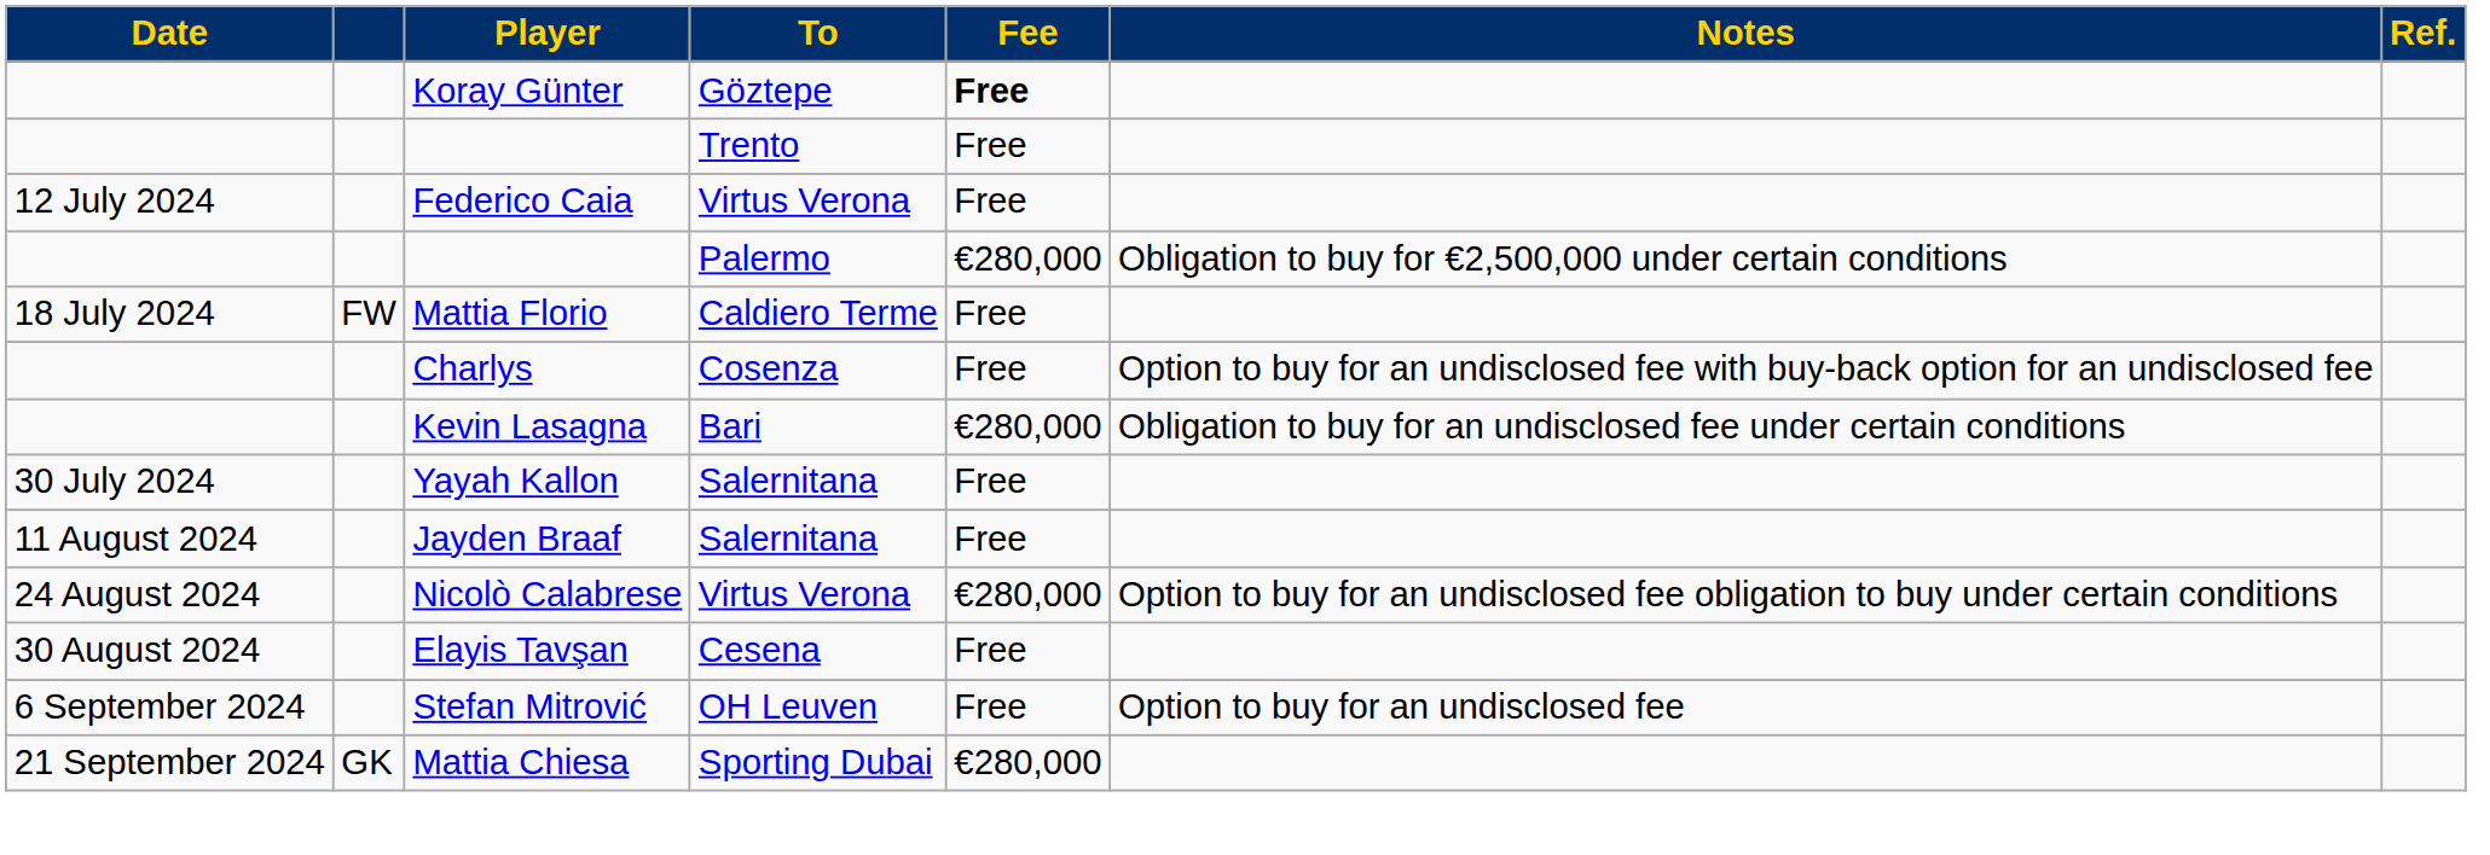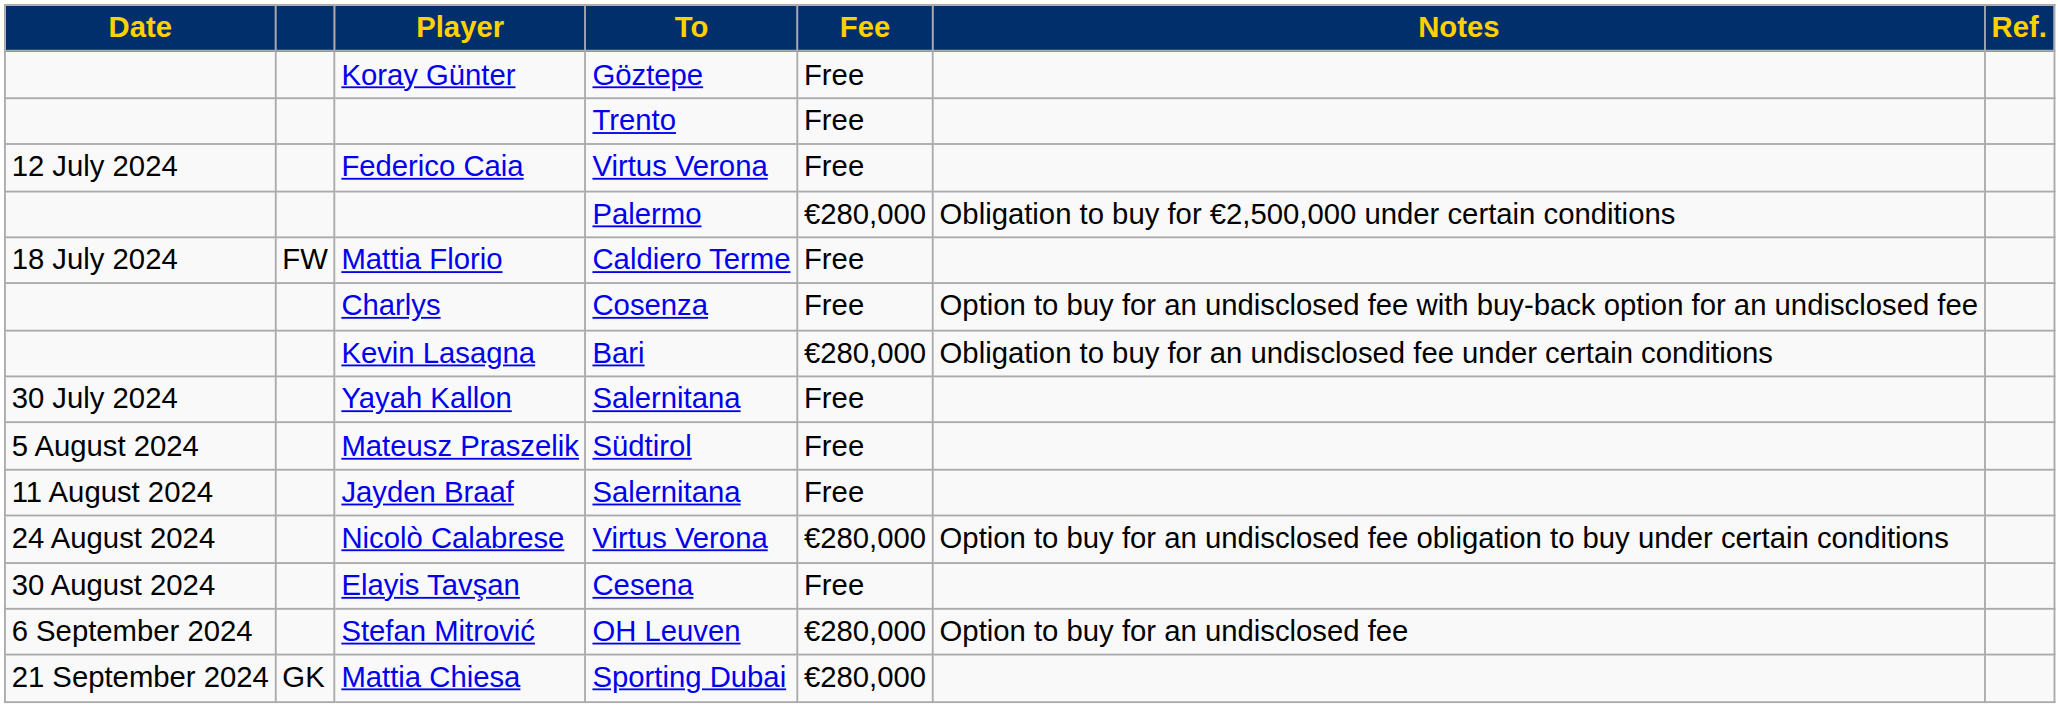 <table class="wikitable plainrowheaders">
 <tr>
 <th style="background:#002F6C;color:#FFD100">Date</th>
 <th style="background:#002F6C;color:#FFD100"></th>
 <th style="background:#002F6C;color:#FFD100">Player</th>
 <th style="background:#002F6C;color:#FFD100">To</th>
 <th style="background:#002F6C;color:#FFD100">Fee</th>
 <th style="background:#002F6C;color:#FFD100">Notes</th>
 <th style="background:#002F6C;color:#FFD100">Ref.</th>
 </tr>
 <tr>
 <td></td>
 <td align="center"></td>
 <td> <a href='#'>Koray Günter</a></td>
 <td> <a href='#'>Göztepe</a></td>
-<td><strong>Free</strong></td>
+<td>Free</td>
 <td></td>
 <td></td>
 </tr>
 <tr>
 <td></td>
 <td></td>
 <td> </td>
 <td> <a href='#'>Trento</a></td>
 <td>Free</td>
 <td></td>
 <td></td>
 </tr>
 <tr>
 <td>12 July 2024</td>
 <td></td>
 <td> <a href='#'>Federico Caia</a></td>
 <td> <a href='#'>Virtus Verona</a></td>
 <td>Free</td>
 <td></td>
 <td></td>
 </tr>
 <tr>
 <td></td>
 <td></td>
 <td></td>
 <td> <a href='#'>Palermo</a></td>
 <td>€280,000</td>
 <td>Obligation to buy for €2,500,000 under certain conditions</td>
 <td></td>
 </tr>
 <tr>
 <td>18 July 2024</td>
 <td>FW</td>
 <td> <a href='#'>Mattia Florio</a></td>
 <td> <a href='#'>Caldiero Terme</a></td>
 <td>Free</td>
 <td></td>
 <td></td>
 </tr>
 <tr>
 <td></td>
 <td></td>
 <td> <a href='#'>Charlys</a></td>
 <td> <a href='#'>Cosenza</a></td>
 <td>Free</td>
 <td>Option to buy for an undisclosed fee with buy-back option for an undisclosed fee</td>
 <td></td>
 </tr>
 <tr>
 <td></td>
 <td></td>
 <td> <a href='#'>Kevin Lasagna</a></td>
 <td> <a href='#'>Bari</a></td>
 <td>€280,000</td>
 <td>Obligation to buy for an undisclosed fee under certain conditions</td>
 <td></td>
 </tr>
 <tr>
 <td>30 July 2024</td>
 <td></td>
 <td> <a href='#'>Yayah Kallon</a></td>
 <td> <a href='#'>Salernitana</a></td>
 <td>Free</td>
 <td></td>
 <td></td>
 </tr>
 <tr>
+<td>5 August 2024</td>
+<td></td>
+<td> <a href='#'>Mateusz Praszelik</a></td>
+<td> <a href='#'>Südtirol</a></td>
+<td>Free</td>
+<td></td>
+<td></td>
+</tr>
+<tr>
 <td>11 August 2024</td>
 <td></td>
 <td> <a href='#'>Jayden Braaf</a></td>
 <td> <a href='#'>Salernitana</a></td>
 <td>Free</td>
 <td></td>
 <td></td>
 </tr>
 <tr>
 <td>24 August 2024</td>
 <td></td>
 <td> <a href='#'>Nicolò Calabrese</a></td>
 <td> <a href='#'>Virtus Verona</a></td>
 <td>€280,000</td>
 <td>Option to buy for an undisclosed fee obligation to buy under certain conditions</td>
 <td></td>
 </tr>
 <tr>
 <td>30 August 2024</td>
 <td></td>
 <td> <a href='#'>Elayis Tavşan</a></td>
 <td> <a href='#'>Cesena</a></td>
 <td>Free</td>
 <td></td>
 <td></td>
 </tr>
 <tr>
 <td>6 September 2024</td>
 <td></td>
 <td> <a href='#'>Stefan Mitrović</a></td>
 <td> <a href='#'>OH Leuven</a></td>
-<td>Free</td>
+<td>€280,000</td>
 <td>Option to buy for an undisclosed fee</td>
 <td></td>
 </tr>
 <tr>
 <td>21 September 2024</td>
 <td>GK</td>
 <td> <a href='#'>Mattia Chiesa</a></td>
 <td> <a href='#'>Sporting Dubai</a></td>
 <td>€280,000</td>
 <td></td>
 <td></td>
 </tr>
 </table>
